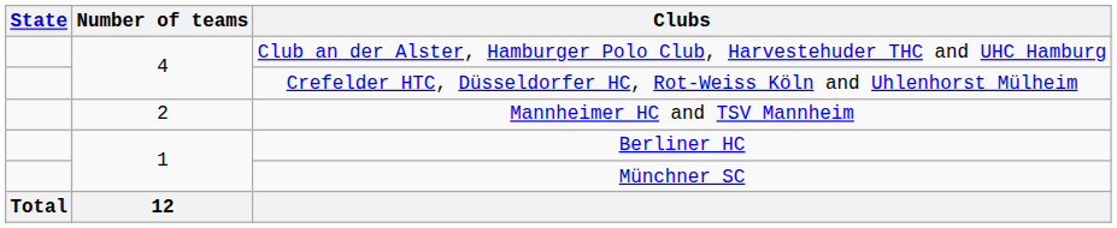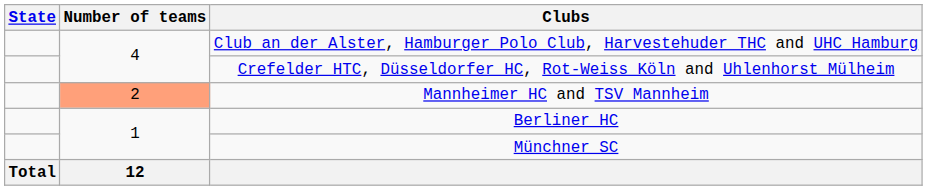 <table class="wikitable">
 <tr>
 <th><a href='#'>State</a></th>
 <th>Number of teams</th>
 <th>Clubs</th>
 </tr>
 <tr>
 <td></td>
 <td align=center rowspan=2>4</td>
 <td align=center><a href='#'>Club an der Alster</a>, <a href='#'>Hamburger Polo Club</a>, <a href='#'>Harvestehuder THC</a> and <a href='#'>UHC Hamburg</a></td>
 </tr>
 <tr>
 <td></td>
 <td align=center><a href='#'>Crefelder HTC</a>, <a href='#'>Düsseldorfer HC</a>, <a href='#'>Rot-Weiss Köln</a> and <a href='#'>Uhlenhorst Mülheim</a></td>
 </tr>
 <tr>
 <td></td>
-<td align=center>2</td>
+<td align=center style="background: lightsalmon;">2</td>
 <td align=center><a href='#'>Mannheimer HC</a> and <a href='#'>TSV Mannheim</a></td>
 </tr>
 <tr>
 <td></td>
 <td align=center rowspan=2>1</td>
 <td align=center><a href='#'>Berliner HC</a></td>
 </tr>
 <tr>
 <td></td>
 <td align=center><a href='#'>Münchner SC</a></td>
 </tr>
 <tr>
 <th>Total</th>
 <th>12</th>
 <th></th>
 </tr>
 </table>
